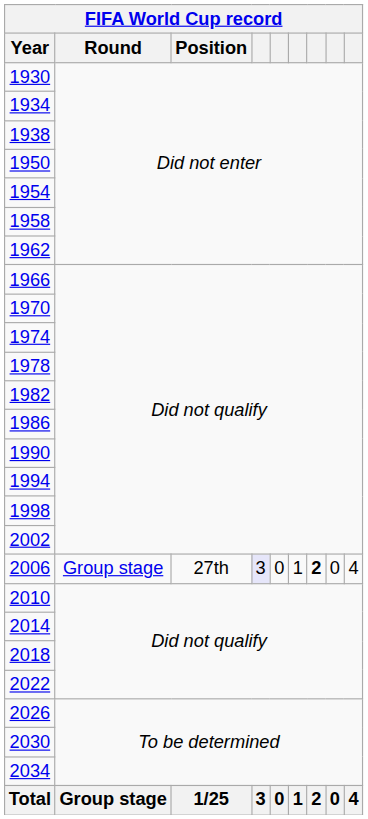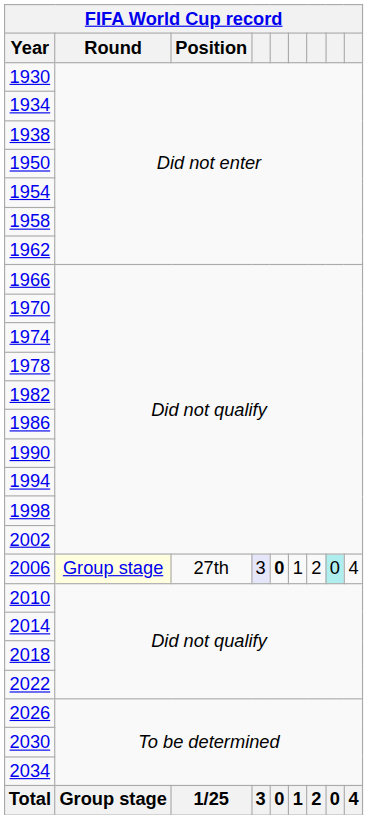 <table class="wikitable" style="text-align: center;">
 <tr>
 <th colspan=9><a href='#'>FIFA World Cup record</a></th>
 </tr>
 <tr>
 <th>Year</th>
 <th>Round</th>
 <th>Position</th>
 <th></th>
 <th></th>
 <th></th>
 <th></th>
 <th></th>
 <th></th>
 </tr>
 <tr>
 <td> <a href='#'>1930</a></td>
 <td rowspan=7 colspan=8><em>Did not enter</em></td>
 </tr>
 <tr>
 <td> <a href='#'>1934</a></td>
 </tr>
 <tr>
 <td> <a href='#'>1938</a></td>
 </tr>
 <tr>
 <td> <a href='#'>1950</a></td>
 </tr>
 <tr>
 <td> <a href='#'>1954</a></td>
 </tr>
 <tr>
 <td> <a href='#'>1958</a></td>
 </tr>
 <tr>
 <td> <a href='#'>1962</a></td>
 </tr>
 <tr>
 <td> <a href='#'>1966</a></td>
 <td rowspan=10 colspan=8><em>Did not qualify</em></td>
 </tr>
 <tr>
 <td> <a href='#'>1970</a></td>
 </tr>
 <tr>
 <td> <a href='#'>1974</a></td>
 </tr>
 <tr>
 <td> <a href='#'>1978</a></td>
 </tr>
 <tr>
 <td> <a href='#'>1982</a></td>
 </tr>
 <tr>
 <td> <a href='#'>1986</a></td>
 </tr>
 <tr>
 <td> <a href='#'>1990</a></td>
 </tr>
 <tr>
 <td> <a href='#'>1994</a></td>
 </tr>
 <tr>
 <td> <a href='#'>1998</a></td>
 </tr>
 <tr>
 <td>  <a href='#'>2002</a></td>
 </tr>
 <tr>
 <td> <a href='#'>2006</a></td>
-<td><a href='#'>Group stage</a></td>
+<td style="background: lightyellow;"><a href='#'>Group stage</a></td>
 <td>27th</td>
 <td style="background: lavender;">3</td>
-<td>0</td>
+<td><strong>0</strong></td>
 <td>1</td>
-<td><strong>2</strong></td>
-<td>0</td>
+<td>2</td>
+<td style="background: paleturquoise;">0</td>
 <td>4</td>
 </tr>
 <tr>
 <td> <a href='#'>2010</a></td>
 <td rowspan=4 colspan=8><em>Did not qualify</em></td>
 </tr>
 <tr>
 <td> <a href='#'>2014</a></td>
 </tr>
 <tr>
 <td> <a href='#'>2018</a></td>
 </tr>
 <tr>
 <td> <a href='#'>2022</a></td>
 </tr>
 <tr>
 <td>   <a href='#'>2026</a></td>
 <td colspan=8 rowspan=3><em>To be determined</em></td>
 </tr>
 <tr>
 <td>   <a href='#'>2030</a></td>
 </tr>
 <tr>
 <td> <a href='#'>2034</a></td>
 </tr>
 <tr>
 <th>Total</th>
 <th>Group stage</th>
 <th>1/25</th>
 <th>3</th>
 <th>0</th>
 <th>1</th>
 <th>2</th>
 <th>0</th>
 <th>4</th>
 </tr>
 </table>
